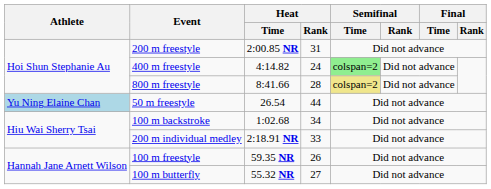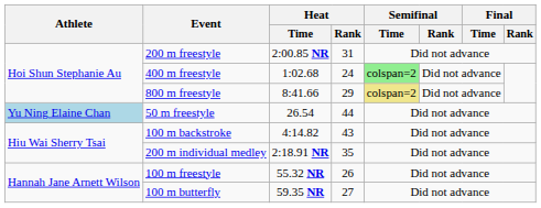 <table class=wikitable style="font-size:90%">
 <tr>
 <th rowspan="2">Athlete</th>
 <th rowspan="2">Event</th>
 <th colspan="2">Heat</th>
 <th colspan="2">Semifinal</th>
 <th colspan="2">Final</th>
 </tr>
 <tr style="font-size:95%">
 <th>Time</th>
 <th>Rank</th>
 <th>Time</th>
 <th>Rank</th>
 <th>Time</th>
 <th>Rank</th>
 </tr>
 <tr align=center>
 <td align=left rowspan=3><a href='#'>Hoi Shun Stephanie Au</a></td>
 <td align=left><a href='#'>200 m freestyle</a></td>
 <td>2:00.85 <strong><a href='#'>NR</a></strong></td>
 <td>31</td>
 <td colspan=4>Did not advance</td>
 </tr>
 <tr align=center>
 <td align=left><a href='#'>400 m freestyle</a></td>
-<td>4:14.82</td>
+<td>1:02.68</td>
 <td>24</td>
 <td style="background: lightgreen;">colspan=2 </td>
 <td colspan=2>Did not advance</td>
 </tr>
 <tr align=center>
 <td align=left><a href='#'>800 m freestyle</a></td>
 <td>8:41.66</td>
-<td>28</td>
+<td>29</td>
 <td style="background: khaki;">colspan=2 </td>
 <td colspan=2>Did not advance</td>
 </tr>
 <tr align=center>
 <td align=left style="background: lightblue;"><a href='#'>Yu Ning Elaine Chan</a></td>
 <td align=left><a href='#'>50 m freestyle</a></td>
 <td>26.54</td>
 <td>44</td>
 <td colspan=4>Did not advance</td>
 </tr>
 <tr align=center>
 <td align=left rowspan=2><a href='#'>Hiu Wai Sherry Tsai</a></td>
 <td align=left><a href='#'>100 m backstroke</a></td>
-<td>1:02.68</td>
-<td>34</td>
+<td>4:14.82</td>
+<td>43</td>
 <td colspan=4>Did not advance</td>
 </tr>
 <tr align=center>
 <td align=left><a href='#'>200 m individual medley</a></td>
 <td>2:18.91 <strong><a href='#'>NR</a></strong></td>
-<td>33</td>
+<td>35</td>
 <td colspan=4>Did not advance</td>
 </tr>
 <tr align=center>
 <td align=left rowspan=2><a href='#'>Hannah Jane Arnett Wilson</a></td>
 <td align=left><a href='#'>100 m freestyle</a></td>
-<td>59.35 <strong><a href='#'>NR</a></strong></td>
+<td>55.32 <strong><a href='#'>NR</a></strong></td>
 <td>26</td>
 <td colspan=4>Did not advance</td>
 </tr>
 <tr align=center>
 <td align=left><a href='#'>100 m butterfly</a></td>
-<td>55.32 <strong><a href='#'>NR</a></strong></td>
+<td>59.35 <strong><a href='#'>NR</a></strong></td>
 <td>27</td>
 <td colspan=4>Did not advance</td>
 </tr>
 </table>
